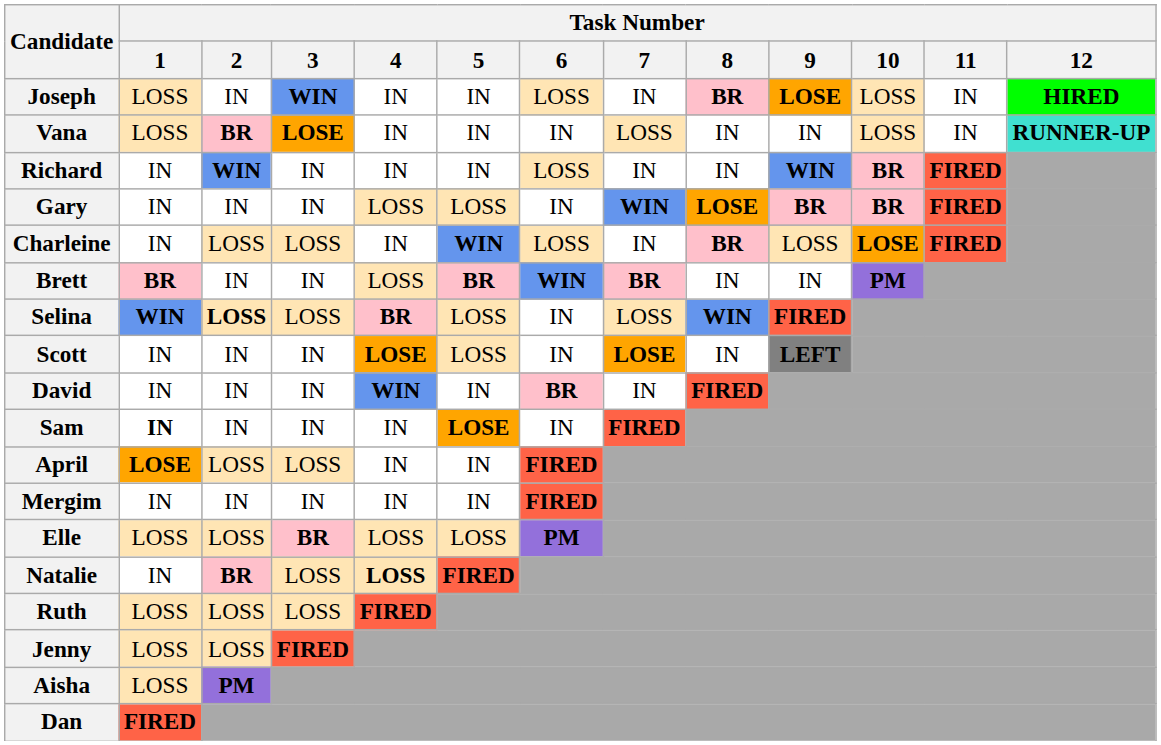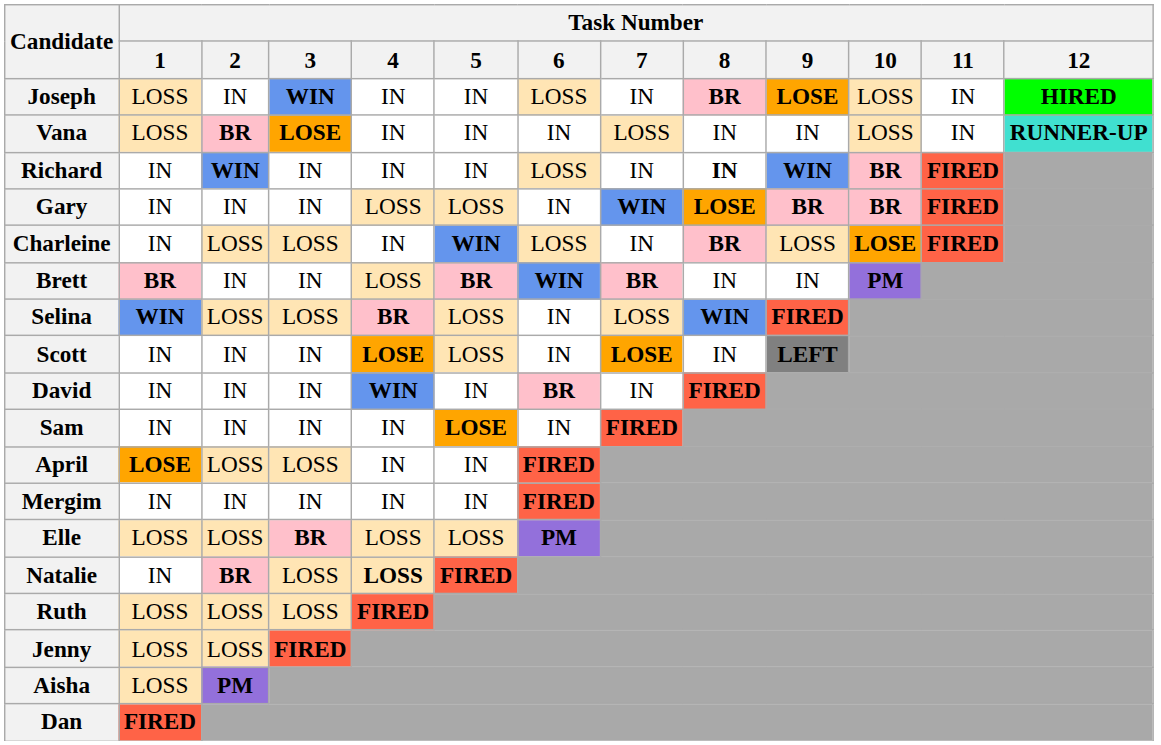 <table class="wikitable" style="text-align:center">
 <tr>
 <th rowspan="2">Candidate</th>
 <th colspan="13">Task Number</th>
 </tr>
 <tr>
 <th>1</th>
 <th>2</th>
 <th>3</th>
 <th>4</th>
 <th>5</th>
 <th>6</th>
 <th>7</th>
 <th>8</th>
 <th>9</th>
 <th>10</th>
 <th>11</th>
 <th>12</th>
 </tr>
 <tr>
 <th>Joseph</th>
 <td style="background:#FFE5B4;">LOSS</td>
 <td style="background:white;">IN</td>
 <td style="background:cornflowerblue;"><strong>WIN</strong></td>
 <td style="background:white;">IN</td>
 <td style="background:white;">IN</td>
 <td style="background:#FFE5B4;">LOSS</td>
 <td style="background:white;">IN</td>
 <td style="background:pink;"><strong>BR</strong></td>
 <td style="background:orange;"><strong>LOSE</strong></td>
 <td style="background:#FFE5B4;">LOSS</td>
 <td style="background:white;">IN</td>
 <td style="background:lime;"><strong>HIRED</strong></td>
 </tr>
 <tr>
 <th>Vana</th>
 <td style="background:#FFE5B4;">LOSS</td>
 <td style="background:pink;"><strong>BR</strong></td>
 <td style="background:orange;"><strong>LOSE</strong></td>
 <td style="background:white;">IN</td>
 <td style="background:white;">IN</td>
 <td style="background:white;">IN</td>
 <td style="background:#FFE5B4;">LOSS</td>
 <td style="background:white;">IN</td>
 <td style="background:white;">IN</td>
 <td style="background:#FFE5B4;">LOSS</td>
 <td style="background:white;">IN</td>
 <td style="background:turquoise;"><strong>RUNNER-UP</strong></td>
 </tr>
 <tr>
 <th>Richard</th>
 <td style="background:white;">IN</td>
 <td style="background:cornflowerblue;"><strong>WIN</strong></td>
 <td style="background:white;">IN</td>
 <td style="background:white;">IN</td>
 <td style="background:white;">IN</td>
 <td style="background:#FFE5B4;">LOSS</td>
 <td style="background:white;">IN</td>
-<td style="background:white;">IN</td>
+<td style="background:white;"><strong>IN</strong></td>
 <td style="background:cornflowerblue;"><strong>WIN</strong></td>
 <td style="background:pink;"><strong>BR</strong></td>
 <td style="background:tomato;"><strong>FIRED</strong></td>
 <td colspan="1" style="background:darkgrey;"></td>
 </tr>
 <tr>
 <th>Gary</th>
 <td style="background:white;">IN</td>
 <td style="background:white;">IN</td>
 <td style="background:white;">IN</td>
 <td style="background:#FFE5B4;">LOSS</td>
 <td style="background:#FFE5B4;">LOSS</td>
 <td style="background:white;">IN</td>
 <td style="background:cornflowerblue;"><strong>WIN</strong></td>
 <td style="background:orange;"><strong>LOSE</strong></td>
 <td style="background:pink;"><strong>BR</strong></td>
 <td style="background:pink;"><strong>BR</strong></td>
 <td style="background:tomato;"><strong>FIRED</strong></td>
 <td colspan="1" style="background:darkgrey;"></td>
 </tr>
 <tr>
 <th>Charleine</th>
 <td style="background:white;">IN</td>
 <td style="background:#FFE5B4;">LOSS</td>
 <td style="background:#FFE5B4;">LOSS</td>
 <td style="background:white;">IN</td>
 <td style="background:cornflowerblue;"><strong>WIN</strong></td>
 <td style="background:#FFE5B4;">LOSS</td>
 <td style="background:white;">IN</td>
 <td style="background:pink;"><strong>BR</strong></td>
 <td style="background:#FFE5B4;">LOSS</td>
 <td style="background:orange;"><strong>LOSE</strong></td>
 <td style="background:tomato;"><strong>FIRED</strong></td>
 <td colspan="1" style="background:darkgrey;"></td>
 </tr>
 <tr>
 <th>Brett</th>
 <td style="background:pink;"><strong>BR</strong></td>
 <td style="background:white;">IN</td>
 <td style="background:white;">IN</td>
 <td style="background:#FFE5B4;">LOSS</td>
 <td style="background:pink;"><strong>BR</strong></td>
 <td style="background:cornflowerblue;"><strong>WIN</strong></td>
 <td style="background:pink;"><strong>BR</strong></td>
 <td style="background:white;">IN</td>
 <td style="background:white;">IN</td>
 <td style="background:#9370DB;"><strong>PM</strong></td>
 <td colspan="2" style="background:darkgrey;"></td>
 </tr>
 <tr>
 <th>Selina</th>
 <td style="background:cornflowerblue;"><strong>WIN</strong></td>
-<td style="background:#FFE5B4;"><strong>LOSS</strong></td>
+<td style="background:#FFE5B4;">LOSS</td>
 <td style="background:#FFE5B4;">LOSS</td>
 <td style="background:pink;"><strong>BR</strong></td>
 <td style="background:#FFE5B4;">LOSS</td>
 <td style="background:white;">IN</td>
 <td style="background:#FFE5B4;">LOSS</td>
 <td style="background:cornflowerblue;"><strong>WIN</strong></td>
 <td style="background:tomato;"><strong>FIRED</strong></td>
 <td colspan="3" style="background:darkgrey;"></td>
 </tr>
 <tr>
 <th>Scott</th>
 <td style="background:white;">IN</td>
 <td style="background:white;">IN</td>
 <td style="background:white;">IN</td>
 <td style="background:orange;"><strong>LOSE</strong></td>
 <td style="background:#FFE5B4;">LOSS</td>
 <td style="background:white;">IN</td>
 <td style="background:orange;"><strong>LOSE</strong></td>
 <td style="background:white;">IN</td>
 <td style="background:gray;"><strong>LEFT</strong></td>
 <td colspan="3" style="background:darkgrey;"></td>
 </tr>
 <tr>
 <th>David</th>
 <td style="background:white;">IN</td>
 <td style="background:white;">IN</td>
 <td style="background:white;">IN</td>
 <td style="background:cornflowerblue;"><strong>WIN</strong></td>
 <td style="background:white;">IN</td>
 <td style="background:pink;"><strong>BR</strong></td>
 <td style="background:white;">IN</td>
 <td style="background:tomato;"><strong>FIRED</strong></td>
 <td colspan="4" style="background:darkgrey;"></td>
 </tr>
 <tr>
 <th>Sam</th>
-<td style="background:white;"><strong>IN</strong></td>
+<td style="background:white;">IN</td>
 <td style="background:white;">IN</td>
 <td style="background:white;">IN</td>
 <td style="background:white;">IN</td>
 <td style="background:orange;"><strong>LOSE</strong></td>
 <td style="background:white;">IN</td>
 <td style="background:tomato;"><strong>FIRED</strong></td>
 <td colspan="5" style="background:darkgrey;"></td>
 </tr>
 <tr>
 <th>April</th>
 <td style="background:orange;"><strong>LOSE</strong></td>
 <td style="background:#FFE5B4;">LOSS</td>
 <td style="background:#FFE5B4;">LOSS</td>
 <td style="background:white;">IN</td>
 <td style="background:white;">IN</td>
 <td style="background:tomato;"><strong>FIRED</strong></td>
 <td colspan="6" style="background:darkgrey;"></td>
 </tr>
 <tr>
 <th>Mergim</th>
 <td style="background:white;">IN</td>
 <td style="background:white;">IN</td>
 <td style="background:white;">IN</td>
 <td style="background:white;">IN</td>
 <td style="background:white;">IN</td>
 <td style="background:tomato;"><strong>FIRED</strong></td>
 <td colspan="6" style="background:darkgrey;"></td>
 </tr>
 <tr>
 <th>Elle</th>
 <td style="background:#FFE5B4;">LOSS</td>
 <td style="background:#FFE5B4;">LOSS</td>
 <td style="background:pink;"><strong>BR</strong></td>
 <td style="background:#FFE5B4;">LOSS</td>
 <td style="background:#FFE5B4;">LOSS</td>
 <td style="background:#9370DB;"><strong>PM</strong></td>
 <td colspan="6" style="background:darkgrey;"></td>
 </tr>
 <tr>
 <th>Natalie</th>
 <td style="background:white;">IN</td>
 <td style="background:pink;"><strong>BR</strong></td>
 <td style="background:#FFE5B4;">LOSS</td>
 <td style="background:#FFE5B4;"><strong>LOSS</strong></td>
 <td style="background:tomato;"><strong>FIRED</strong></td>
 <td colspan="7" style="background:darkgrey;"></td>
 </tr>
 <tr>
 <th>Ruth</th>
 <td style="background:#FFE5B4;">LOSS</td>
 <td style="background:#FFE5B4;">LOSS</td>
 <td style="background:#FFE5B4;">LOSS</td>
 <td style="background:tomato;"><strong>FIRED</strong></td>
 <td colspan="8" style="background:darkgrey;"></td>
 </tr>
 <tr>
 <th>Jenny</th>
 <td style="background:#FFE5B4;">LOSS</td>
 <td style="background:#FFE5B4;">LOSS</td>
 <td style="background:tomato;"><strong>FIRED</strong></td>
 <td colspan="9" style="background:darkgrey;"></td>
 </tr>
 <tr>
 <th>Aisha</th>
 <td style="background:#FFE5B4;">LOSS</td>
 <td style="background:#9370DB;"><strong>PM</strong></td>
 <td colspan="10" style="background:darkgrey;"></td>
 </tr>
 <tr>
 <th>Dan</th>
 <td style="background:tomato;"><strong>FIRED</strong></td>
 <td colspan="11" style="background:darkgrey;"></td>
 </tr>
 </table>
